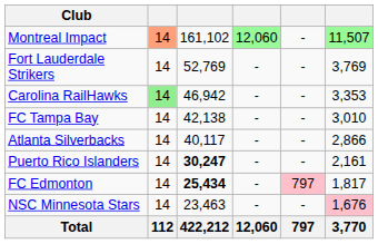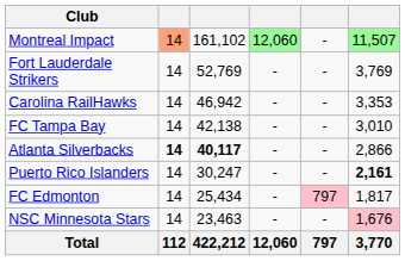 <table class="wikitable sortable">
 <tr>
 <th width=160>Club</th>
 <th></th>
 <th width=45></th>
 <th width=45></th>
 <th width=45></th>
 <th width=45></th>
 </tr>
 <tr>
 <td><a href='#'>Montreal Impact</a></td>
 <td align=center style="background: lightsalmon;">14</td>
 <td align=center>161,102</td>
 <td style="text-align:center; text-align:center; background:#98fb98;">12,060</td>
 <td style="text-align:center;">-</td>
 <td style="text-align:center; background:#98fb98;">11,507</td>
 </tr>
 <tr>
 <td><a href='#'>Fort Lauderdale Strikers</a></td>
 <td align=center>14</td>
 <td align=center>52,769</td>
 <td align=center>-</td>
 <td style="text-align:center;">-</td>
 <td style="text-align:center;">3,769</td>
 </tr>
 <tr>
 <td><a href='#'>Carolina RailHawks</a></td>
-<td align=center style="background: lightgreen;">14</td>
+<td align=center>14</td>
 <td align=center>46,942</td>
 <td align=center>-</td>
 <td style="text-align:center;">-</td>
 <td style="text-align:center;">3,353</td>
 </tr>
 <tr>
 <td><a href='#'>FC Tampa Bay</a></td>
 <td align=center>14</td>
 <td align=center>42,138</td>
 <td align=center>-</td>
 <td style="text-align:center;">-</td>
 <td style="text-align:center;">3,010</td>
 </tr>
 <tr>
 <td><a href='#'>Atlanta Silverbacks</a></td>
-<td align=center>14</td>
-<td align=center>40,117</td>
+<td align=center><strong>14</strong></td>
+<td align=center><strong>40,117</strong></td>
 <td align=center>-</td>
 <td style="text-align:center;">-</td>
 <td style="text-align:center;">2,866</td>
 </tr>
 <tr>
 <td><a href='#'>Puerto Rico Islanders</a></td>
 <td align=center>14</td>
-<td align=center><strong>30,247</strong></td>
+<td align=center>30,247</td>
 <td align=center>-</td>
 <td style="text-align:center;">-</td>
-<td style="text-align:center;">2,161</td>
+<td style="text-align:center;"><strong>2,161</strong></td>
 </tr>
 <tr>
 <td><a href='#'>FC Edmonton</a></td>
 <td align=center>14</td>
-<td align=center><strong>25,434</strong></td>
+<td align=center>25,434</td>
 <td align=center>-</td>
 <td style="text-align:center; background:pink;">797</td>
 <td style="text-align:center;">1,817</td>
 </tr>
 <tr>
 <td><a href='#'>NSC Minnesota Stars</a></td>
 <td align=center>14</td>
 <td align=center>23,463</td>
 <td align=center>-</td>
 <td style="text-align:center;">-</td>
 <td style="text-align:center; background:pink;">1,676</td>
 </tr>
 <tr>
 <th>Total</th>
 <th style="text-align:center;">112</th>
 <th align=center>422,212</th>
 <th align=center>12,060</th>
 <th style="text-align:center;">797</th>
 <th style="text-align:center;">3,770</th>
 </tr>
 </table>
